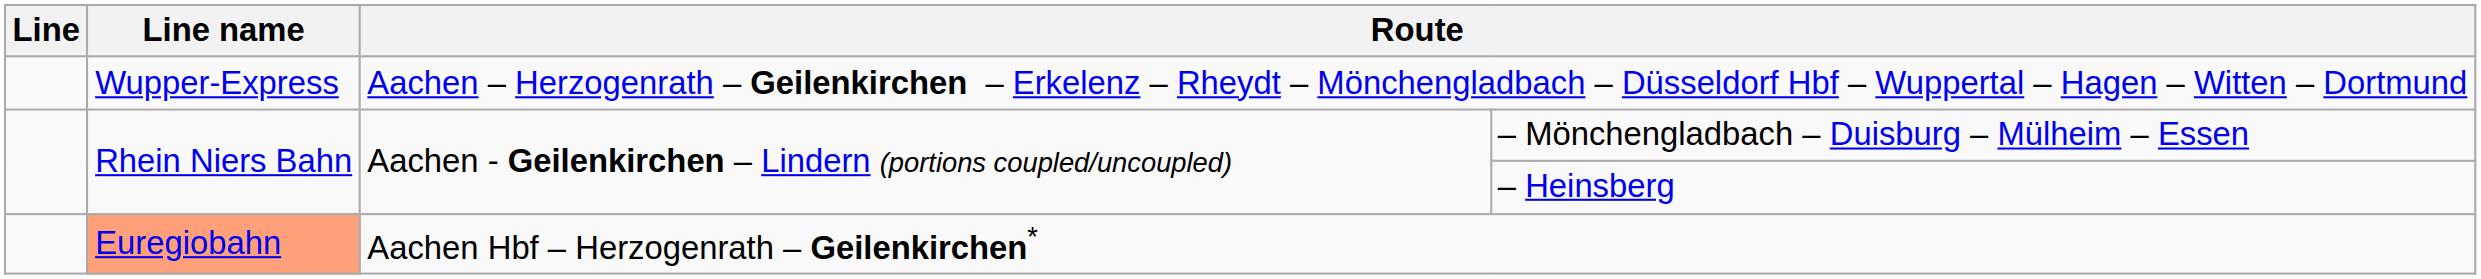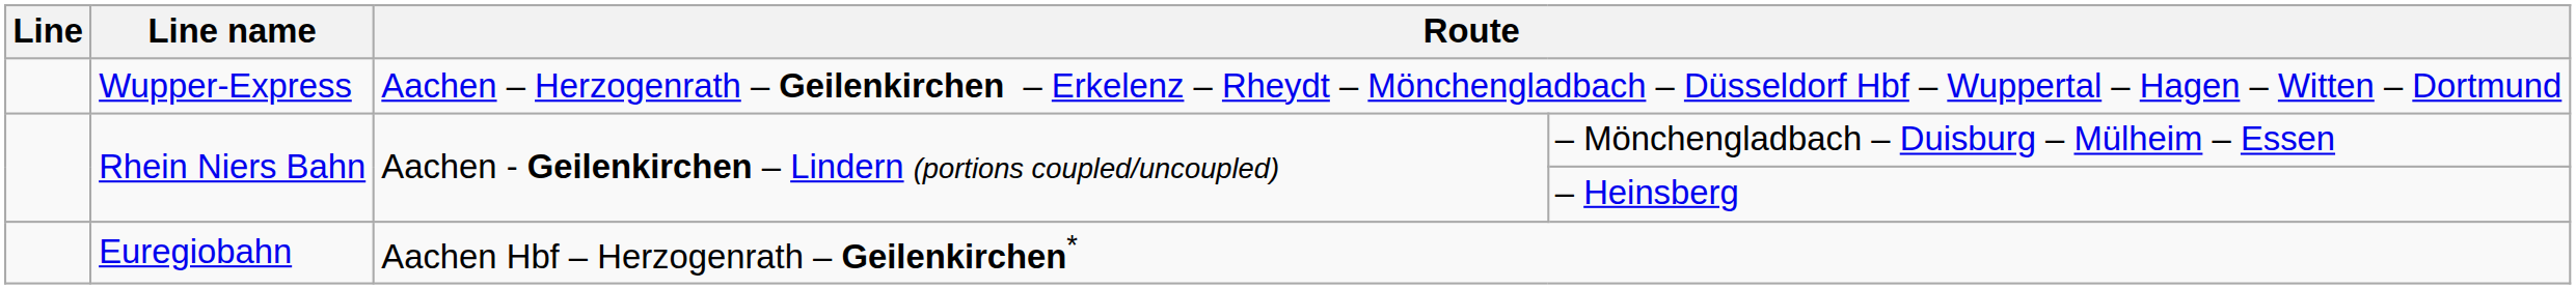 <table class="wikitable">
 <tr class="hintergrundfarbe5">
 <th>Line</th>
 <th>Line name</th>
 <th colspan="3">Route</th>
 </tr>
 <tr>
 <td></td>
 <td><a href='#'>Wupper-Express</a></td>
 <td colspan="2"><a href='#'>Aachen</a> – <a href='#'>Herzogenrath</a> – <strong>Geilenkirchen </strong> – <a href='#'>Erkelenz</a> – <a href='#'>Rheydt</a> – <a href='#'>Mönchengladbach</a> – <a href='#'>Düsseldorf Hbf</a> – <a href='#'>Wuppertal</a> – <a href='#'>Hagen</a> – <a href='#'>Witten</a> – <a href='#'>Dortmund</a></td>
 </tr>
 <tr>
 <td rowspan="2"></td>
 <td rowspan="2"><a href='#'>Rhein Niers Bahn</a></td>
 <td rowspan="2">Aachen - <strong>Geilenkirchen</strong> – <a href='#'>Lindern</a> <small><em>(portions coupled/uncoupled)</em></small></td>
 <td>– Mönchengladbach – <a href='#'>Duisburg</a> – <a href='#'>Mülheim</a> – <a href='#'>Essen</a></td>
 </tr>
 <tr>
 <td>– <a href='#'>Heinsberg</a></td>
 </tr>
 <tr>
 <td></td>
-<td style="background: lightsalmon;"><a href='#'>Euregiobahn</a></td>
+<td><a href='#'>Euregiobahn</a></td>
 <td colspan="2">Aachen Hbf – Herzogenrath – <strong>Geilenkirchen</strong><sup>*</sup></td>
 </tr>
 </table>
